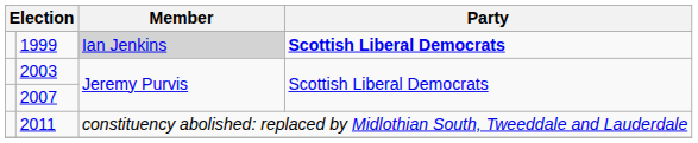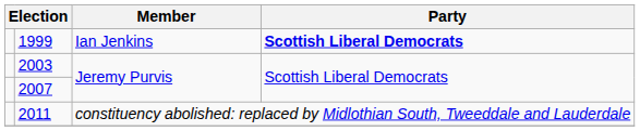 <table class="wikitable">
 <tr>
 <th colspan="2">Election</th>
 <th>Member</th>
 <th>Party</th>
 </tr>
 <tr>
 <td style="background-color: "></td>
 <td><a href='#'>1999</a></td>
-<td style="background: lightgrey;"><a href='#'>Ian Jenkins</a></td>
+<td><a href='#'>Ian Jenkins</a></td>
 <td><strong><a href='#'>Scottish Liberal Democrats</a></strong></td>
 </tr>
 <tr>
 <td style="background-color: "></td>
 <td><a href='#'>2003</a></td>
 <td rowspan="2"><a href='#'>Jeremy Purvis</a></td>
 <td rowspan="2"><a href='#'>Scottish Liberal Democrats</a></td>
 </tr>
 <tr>
 <td style="background-color: "></td>
 <td><a href='#'>2007</a></td>
 </tr>
 <tr>
 <td style="background-color:"></td>
 <td><a href='#'>2011</a></td>
 <td colspan="3"><em>constituency abolished: replaced by <a href='#'>Midlothian South, Tweeddale and Lauderdale</a></em></td>
 </tr>
 <tr>
 </tr>
 </table>
